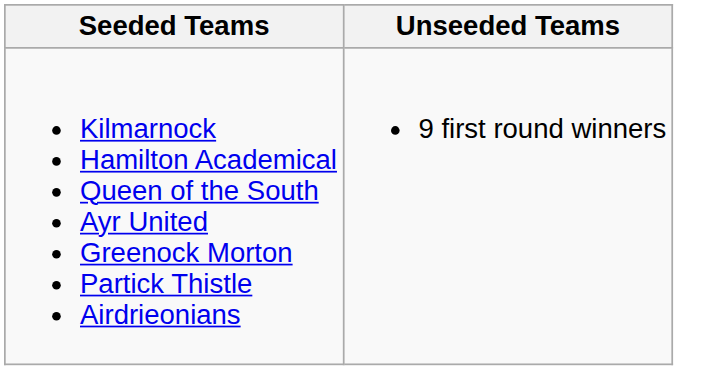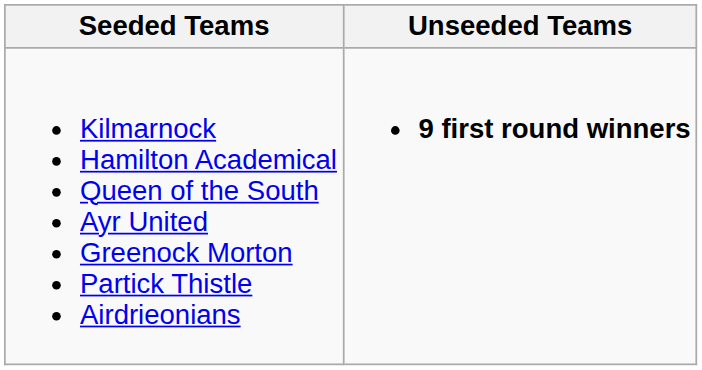 <table class="wikitable">
 <tr>
 <th>Seeded Teams</th>
 <th>Unseeded Teams</th>
 </tr>
 <tr>
 <td valign=top><br><ul><li><a href='#'>Kilmarnock</a></li><li><a href='#'>Hamilton Academical</a></li><li><a href='#'>Queen of the South</a></li><li><a href='#'>Ayr United</a></li><li><a href='#'>Greenock Morton</a></li><li><a href='#'>Partick Thistle</a></li><li><a href='#'>Airdrieonians</a></li></ul></td>
-<td valign=top><br><ul><li>9 first round winners</li></ul></td>
+<td valign=top><strong><br><ul><li>9 first round winners</li></ul></strong></td>
 </tr>
 </table>
